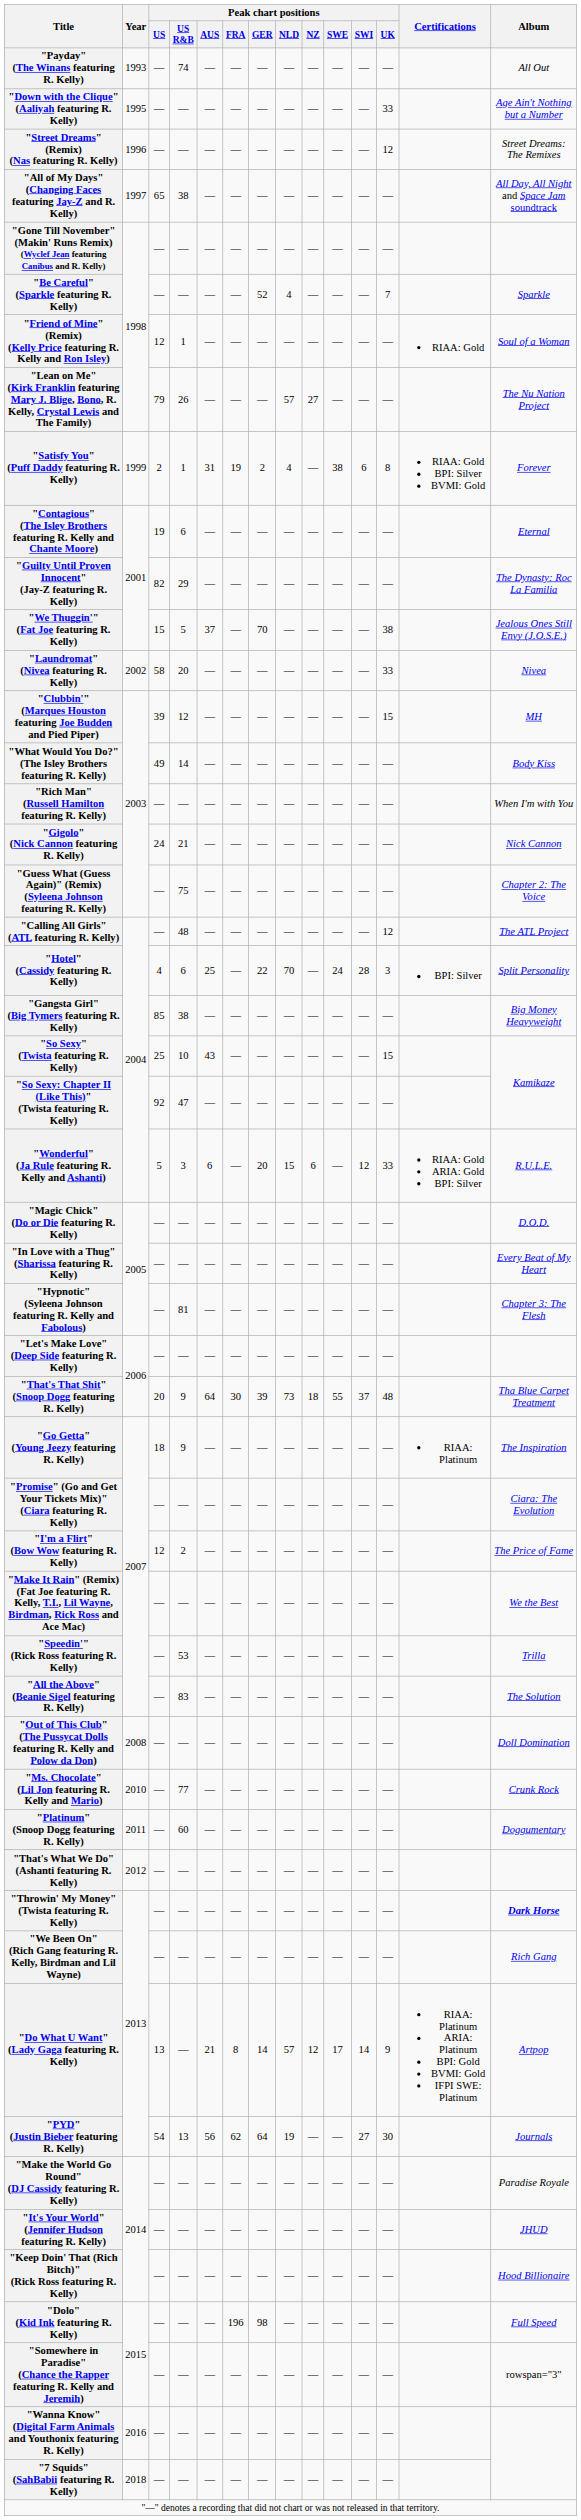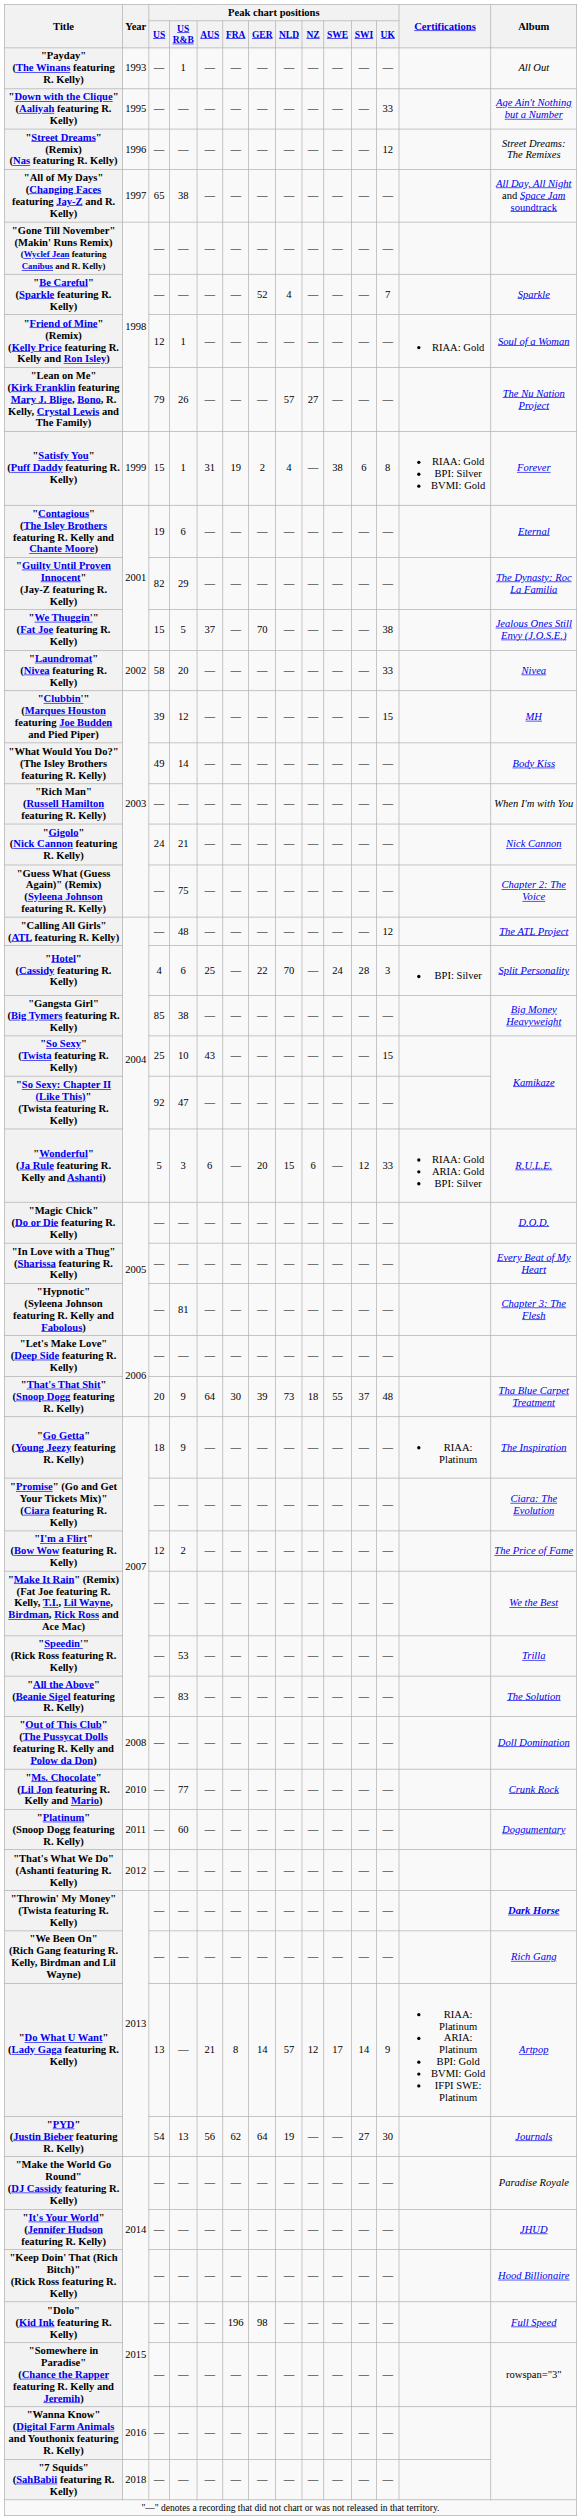 <table class="wikitable plainrowheaders" style="text-align:center;">
 <tr>
 <th scope="col" rowspan="2" style="width:22em;">Title</th>
 <th scope="col" rowspan="2">Year</th>
 <th scope="col" colspan="10">Peak chart positions</th>
 <th scope="col" rowspan="2" style="width:14em;"><a href='#'>Certifications</a></th>
 <th scope="col" rowspan="2" style="width:12em;">Album</th>
 </tr>
 <tr>
 <th scope="col" style="width:2.9em;font-size:90%;"><a href='#'>US</a><br></th>
 <th scope="col" style="width:2.9em;font-size:90%;"><a href='#'>US<br>R&B</a><br></th>
 <th scope="col" style="width:2.9em;font-size:90%;"><a href='#'>AUS</a><br></th>
 <th scope="col" style="width:2.9em;font-size:90%;"><a href='#'>FRA</a><br></th>
 <th scope="col" style="width:2.9em;font-size:90%;"><a href='#'>GER</a><br></th>
 <th scope="col" style="width:2.9em;font-size:90%;"><a href='#'>NLD</a><br></th>
 <th scope="col" style="width:2.9em;font-size:90%;"><a href='#'>NZ</a><br></th>
 <th scope="col" style="width:2.9em;font-size:90%;"><a href='#'>SWE</a><br></th>
 <th scope="col" style="width:2.9em;font-size:90%;"><a href='#'>SWI</a><br></th>
 <th scope="col" style="width:2.9em;font-size:90%;"><a href='#'>UK</a><br></th>
 </tr>
 <tr>
 <th scope="row">"Payday"<br><span>(<a href='#'>The Winans</a> featuring R. Kelly)</span></th>
 <td>1993</td>
 <td>—</td>
-<td>74</td>
+<td>1</td>
 <td>—</td>
 <td>—</td>
 <td>—</td>
 <td>—</td>
 <td>—</td>
 <td>—</td>
 <td>—</td>
 <td>—</td>
 <td></td>
 <td><em>All Out</em></td>
 </tr>
 <tr>
 <th scope="row">"<a href='#'>Down with the Clique</a>"<br><span>(<a href='#'>Aaliyah</a> featuring R. Kelly)</span></th>
 <td>1995</td>
 <td>—</td>
 <td>—</td>
 <td>—</td>
 <td>—</td>
 <td>—</td>
 <td>—</td>
 <td>—</td>
 <td>—</td>
 <td>—</td>
 <td>33</td>
 <td></td>
 <td><em><a href='#'>Age Ain't Nothing but a Number</a></em></td>
 </tr>
 <tr>
 <th scope="row">"<a href='#'>Street Dreams</a>" (Remix)<br><span>(<a href='#'>Nas</a> featuring R. Kelly)</span></th>
 <td>1996</td>
 <td>—</td>
 <td>—</td>
 <td>—</td>
 <td>—</td>
 <td>—</td>
 <td>—</td>
 <td>—</td>
 <td>—</td>
 <td>—</td>
 <td>12</td>
 <td></td>
 <td><em>Street Dreams: The Remixes</em></td>
 </tr>
 <tr>
 <th scope="row">"All of My Days"<br><span>(<a href='#'>Changing Faces</a> featuring <a href='#'>Jay-Z</a> and R. Kelly)</span></th>
 <td>1997</td>
 <td>65</td>
 <td>38</td>
 <td>—</td>
 <td>—</td>
 <td>—</td>
 <td>—</td>
 <td>—</td>
 <td>—</td>
 <td>—</td>
 <td>—</td>
 <td></td>
 <td><em><a href='#'>All Day, All Night</a></em> and <a href='#'><em>Space Jam</em> soundtrack</a></td>
 </tr>
 <tr>
 <th scope="row">"Gone Till November" (Makin' Runs Remix)<br><small>(<a href='#'>Wyclef Jean</a> featuring <a href='#'>Canibus</a> and R. Kelly)</small></th>
 <td rowspan="4">1998</td>
 <td>—</td>
 <td>—</td>
 <td>—</td>
 <td>—</td>
 <td>—</td>
 <td>—</td>
 <td>—</td>
 <td>—</td>
 <td>—</td>
 <td>—</td>
 <td></td>
 <td></td>
 </tr>
 <tr>
 <th scope="row">"<a href='#'>Be Careful</a>"<br><span>(<a href='#'>Sparkle</a> featuring R. Kelly)</span></th>
 <td>—</td>
 <td>—</td>
 <td>—</td>
 <td>—</td>
 <td>52</td>
 <td>4</td>
 <td>—</td>
 <td>—</td>
 <td>—</td>
 <td>7</td>
 <td></td>
 <td><em><a href='#'>Sparkle</a></em></td>
 </tr>
 <tr>
 <th scope="row">"<a href='#'>Friend of Mine</a>" (Remix)<br><span>(<a href='#'>Kelly Price</a> featuring R. Kelly and <a href='#'>Ron Isley</a>)</span></th>
 <td>12</td>
 <td>1</td>
 <td>—</td>
 <td>—</td>
 <td>—</td>
 <td>—</td>
 <td>—</td>
 <td>—</td>
 <td>—</td>
 <td>—</td>
 <td><br><ul><li>RIAA: Gold</li></ul></td>
 <td><em><a href='#'>Soul of a Woman</a></em></td>
 </tr>
 <tr>
 <th scope="row">"Lean on Me"<br><span>(<a href='#'>Kirk Franklin</a> featuring <a href='#'>Mary J. Blige</a>, <a href='#'>Bono</a>, R. Kelly, <a href='#'>Crystal Lewis</a> and The Family)</span></th>
 <td>79</td>
 <td>26</td>
 <td>—</td>
 <td>—</td>
 <td>—</td>
 <td>57</td>
 <td>27</td>
 <td>—</td>
 <td>—</td>
 <td>—</td>
 <td></td>
 <td><em><a href='#'>The Nu Nation Project</a></em></td>
 </tr>
 <tr>
 <th scope="row">"<a href='#'>Satisfy You</a>"<br><span>(<a href='#'>Puff Daddy</a> featuring R. Kelly)</span></th>
 <td>1999</td>
-<td>2</td>
+<td>15</td>
 <td>1</td>
 <td>31</td>
 <td>19</td>
 <td>2</td>
 <td>4</td>
 <td>—</td>
 <td>38</td>
 <td>6</td>
 <td>8</td>
 <td><br><ul><li>RIAA: Gold</li><li>BPI: Silver</li><li>BVMI: Gold</li></ul></td>
 <td><em><a href='#'>Forever</a></em></td>
 </tr>
 <tr>
 <th scope="row">"<a href='#'>Contagious</a>"<br><span>(<a href='#'>The Isley Brothers</a> featuring R. Kelly and <a href='#'>Chante Moore</a>)</span></th>
 <td rowspan="3">2001</td>
 <td>19</td>
 <td>6</td>
 <td>—</td>
 <td>—</td>
 <td>—</td>
 <td>—</td>
 <td>—</td>
 <td>—</td>
 <td>—</td>
 <td>—</td>
 <td></td>
 <td><em><a href='#'>Eternal</a></em></td>
 </tr>
 <tr>
 <th scope="row">"<a href='#'>Guilty Until Proven Innocent</a>"<br><span>(Jay-Z featuring R. Kelly)</span></th>
 <td>82</td>
 <td>29</td>
 <td>—</td>
 <td>—</td>
 <td>—</td>
 <td>—</td>
 <td>—</td>
 <td>—</td>
 <td>—</td>
 <td>—</td>
 <td></td>
 <td><em><a href='#'>The Dynasty: Roc La Familia</a></em></td>
 </tr>
 <tr>
 <th scope="row">"<a href='#'>We Thuggin'</a>"<br><span>(<a href='#'>Fat Joe</a> featuring R. Kelly)</span></th>
 <td>15</td>
 <td>5</td>
 <td>37</td>
 <td>—</td>
 <td>70</td>
 <td>—</td>
 <td>—</td>
 <td>—</td>
 <td>—</td>
 <td>38</td>
 <td></td>
 <td><em><a href='#'>Jealous Ones Still Envy (J.O.S.E.)</a></em></td>
 </tr>
 <tr>
 <th scope="row">"<a href='#'>Laundromat</a>"<br><span>(<a href='#'>Nivea</a> featuring R. Kelly)</span></th>
 <td>2002</td>
 <td>58</td>
 <td>20</td>
 <td>—</td>
 <td>—</td>
 <td>—</td>
 <td>—</td>
 <td>—</td>
 <td>—</td>
 <td>—</td>
 <td>33</td>
 <td></td>
 <td><em><a href='#'>Nivea</a></em></td>
 </tr>
 <tr>
 <th scope="row">"<a href='#'>Clubbin'</a>"<br><span>(<a href='#'>Marques Houston</a> featuring <a href='#'>Joe Budden</a> and Pied Piper)</span></th>
 <td rowspan="5">2003</td>
 <td>39</td>
 <td>12</td>
 <td>—</td>
 <td>—</td>
 <td>—</td>
 <td>—</td>
 <td>—</td>
 <td>—</td>
 <td>—</td>
 <td>15</td>
 <td></td>
 <td><em><a href='#'>MH</a></em></td>
 </tr>
 <tr>
 <th scope="row">"What Would You Do?"<br><span>(The Isley Brothers featuring R. Kelly)</span></th>
 <td>49</td>
 <td>14</td>
 <td>—</td>
 <td>—</td>
 <td>—</td>
 <td>—</td>
 <td>—</td>
 <td>—</td>
 <td>—</td>
 <td>—</td>
 <td></td>
 <td><em><a href='#'>Body Kiss</a></em></td>
 </tr>
 <tr>
 <th scope="row">"Rich Man"<br><span>(<a href='#'>Russell Hamilton</a> featuring R. Kelly)</span></th>
 <td>—</td>
 <td>—</td>
 <td>—</td>
 <td>—</td>
 <td>—</td>
 <td>—</td>
 <td>—</td>
 <td>—</td>
 <td>—</td>
 <td>—</td>
 <td></td>
 <td><em>When I'm with You</em></td>
 </tr>
 <tr>
 <th scope="row">"<a href='#'>Gigolo</a>"<br><span>(<a href='#'>Nick Cannon</a> featuring R. Kelly)</span></th>
 <td>24</td>
 <td>21</td>
 <td>—</td>
 <td>—</td>
 <td>—</td>
 <td>—</td>
 <td>—</td>
 <td>—</td>
 <td>—</td>
 <td>—</td>
 <td></td>
 <td><em><a href='#'>Nick Cannon</a></em></td>
 </tr>
 <tr>
 <th scope="row">"Guess What (Guess Again)" (Remix)<br><span>(<a href='#'>Syleena Johnson</a> featuring R. Kelly)</span></th>
 <td>—</td>
 <td>75</td>
 <td>—</td>
 <td>—</td>
 <td>—</td>
 <td>—</td>
 <td>—</td>
 <td>—</td>
 <td>—</td>
 <td>—</td>
 <td></td>
 <td><em><a href='#'>Chapter 2: The Voice</a></em></td>
 </tr>
 <tr>
 <th scope="row">"Calling All Girls"<br><span>(<a href='#'>ATL</a> featuring R. Kelly)</span></th>
 <td rowspan="6">2004</td>
 <td>—</td>
 <td>48</td>
 <td>—</td>
 <td>—</td>
 <td>—</td>
 <td>—</td>
 <td>—</td>
 <td>—</td>
 <td>—</td>
 <td>12</td>
 <td></td>
 <td><em><a href='#'>The ATL Project</a></em></td>
 </tr>
 <tr>
 <th scope="row">"<a href='#'>Hotel</a>"<br><span>(<a href='#'>Cassidy</a> featuring R. Kelly)</span></th>
 <td>4</td>
 <td>6</td>
 <td>25</td>
 <td>—</td>
 <td>22</td>
 <td>70</td>
 <td>—</td>
 <td>24</td>
 <td>28</td>
 <td>3</td>
 <td><br><ul><li>BPI: Silver</li></ul></td>
 <td><em><a href='#'>Split Personality</a></em></td>
 </tr>
 <tr>
 <th scope="row">"Gangsta Girl"<br><span>(<a href='#'>Big Tymers</a> featuring R. Kelly)</span></th>
 <td>85</td>
 <td>38</td>
 <td>—</td>
 <td>—</td>
 <td>—</td>
 <td>—</td>
 <td>—</td>
 <td>—</td>
 <td>—</td>
 <td>—</td>
 <td></td>
 <td><em><a href='#'>Big Money Heavyweight</a></em></td>
 </tr>
 <tr>
 <th scope="row">"<a href='#'>So Sexy</a>"<br><span>(<a href='#'>Twista</a> featuring R. Kelly)</span></th>
 <td>25</td>
 <td>10</td>
 <td>43</td>
 <td>—</td>
 <td>—</td>
 <td>—</td>
 <td>—</td>
 <td>—</td>
 <td>—</td>
 <td>15</td>
 <td></td>
 <td rowspan="2"><em><a href='#'>Kamikaze</a></em></td>
 </tr>
 <tr>
 <th scope="row">"<a href='#'>So Sexy: Chapter II (Like This)</a>"<br><span>(Twista featuring R. Kelly)</span></th>
 <td>92</td>
 <td>47</td>
 <td>—</td>
 <td>—</td>
 <td>—</td>
 <td>—</td>
 <td>—</td>
 <td>—</td>
 <td>—</td>
 <td>—</td>
 <td></td>
 </tr>
 <tr>
 <th scope="row">"<a href='#'>Wonderful</a>"<br><span>(<a href='#'>Ja Rule</a> featuring R. Kelly and <a href='#'>Ashanti</a>)</span></th>
 <td>5</td>
 <td>3</td>
 <td>6</td>
 <td>—</td>
 <td>20</td>
 <td>15</td>
 <td>6</td>
 <td>—</td>
 <td>12</td>
 <td>33</td>
 <td><br><ul><li>RIAA: Gold</li><li>ARIA: Gold</li><li>BPI: Silver</li></ul></td>
 <td><em><a href='#'>R.U.L.E.</a></em></td>
 </tr>
 <tr>
 <th scope="row">"Magic Chick"<br><span>(<a href='#'>Do or Die</a> featuring R. Kelly)</span></th>
 <td rowspan="3">2005</td>
 <td>—</td>
 <td>—</td>
 <td>—</td>
 <td>—</td>
 <td>—</td>
 <td>—</td>
 <td>—</td>
 <td>—</td>
 <td>—</td>
 <td>—</td>
 <td></td>
 <td><em><a href='#'>D.O.D.</a></em></td>
 </tr>
 <tr>
 <th scope="row">"In Love with a Thug"<br><span>(<a href='#'>Sharissa</a> featuring R. Kelly)</span></th>
 <td>—</td>
 <td>—</td>
 <td>—</td>
 <td>—</td>
 <td>—</td>
 <td>—</td>
 <td>—</td>
 <td>—</td>
 <td>—</td>
 <td>—</td>
 <td></td>
 <td><em><a href='#'>Every Beat of My Heart</a></em></td>
 </tr>
 <tr>
 <th scope="row">"Hypnotic"<br><span>(Syleena Johnson featuring R. Kelly and <a href='#'>Fabolous</a>)</span></th>
 <td>—</td>
 <td>81</td>
 <td>—</td>
 <td>—</td>
 <td>—</td>
 <td>—</td>
 <td>—</td>
 <td>—</td>
 <td>—</td>
 <td>—</td>
 <td></td>
 <td><em><a href='#'>Chapter 3: The Flesh</a></em></td>
 </tr>
 <tr>
 <th scope="row">"Let's Make Love"<br><span>(<a href='#'>Deep Side</a> featuring R. Kelly)</span></th>
 <td rowspan="2">2006</td>
 <td>—</td>
 <td>—</td>
 <td>—</td>
 <td>—</td>
 <td>—</td>
 <td>—</td>
 <td>—</td>
 <td>—</td>
 <td>—</td>
 <td>—</td>
 <td></td>
 <td></td>
 </tr>
 <tr>
 <th scope="row">"<a href='#'>That's That Shit</a>"<br><span>(<a href='#'>Snoop Dogg</a> featuring R. Kelly)</span></th>
 <td>20</td>
 <td>9</td>
 <td>64</td>
 <td>30</td>
 <td>39</td>
 <td>73</td>
 <td>18</td>
 <td>55</td>
 <td>37</td>
 <td>48</td>
 <td></td>
 <td><em><a href='#'>Tha Blue Carpet Treatment</a></em></td>
 </tr>
 <tr>
 <th scope="row">"<a href='#'>Go Getta</a>"<br><span>(<a href='#'>Young Jeezy</a> featuring R. Kelly)</span></th>
 <td rowspan="6">2007</td>
 <td>18</td>
 <td>9</td>
 <td>—</td>
 <td>—</td>
 <td>—</td>
 <td>—</td>
 <td>—</td>
 <td>—</td>
 <td>—</td>
 <td>—</td>
 <td><br><ul><li>RIAA: Platinum</li></ul></td>
 <td><em><a href='#'>The Inspiration</a></em></td>
 </tr>
 <tr>
 <th scope="row">"<a href='#'>Promise</a>" (Go and Get Your Tickets Mix)"<br><span>(<a href='#'>Ciara</a> featuring R. Kelly)</span></th>
 <td>—</td>
 <td>—</td>
 <td>—</td>
 <td>—</td>
 <td>—</td>
 <td>—</td>
 <td>—</td>
 <td>—</td>
 <td>—</td>
 <td>—</td>
 <td></td>
 <td><em><a href='#'>Ciara: The Evolution</a></em></td>
 </tr>
 <tr>
 <th scope="row">"<a href='#'>I'm a Flirt</a>"<br><span>(<a href='#'>Bow Wow</a> featuring R. Kelly)</span></th>
 <td>12</td>
 <td>2</td>
 <td>—</td>
 <td>—</td>
 <td>—</td>
 <td>—</td>
 <td>—</td>
 <td>—</td>
 <td>—</td>
 <td>—</td>
 <td></td>
 <td><em><a href='#'>The Price of Fame</a></em></td>
 </tr>
 <tr>
 <th scope="row">"<a href='#'>Make It Rain</a>" (Remix)<br><span>(Fat Joe featuring R. Kelly, <a href='#'>T.I.</a>, <a href='#'>Lil Wayne</a>, <a href='#'>Birdman</a>, <a href='#'>Rick Ross</a> and Ace Mac)</span></th>
 <td>—</td>
 <td>—</td>
 <td>—</td>
 <td>—</td>
 <td>—</td>
 <td>—</td>
 <td>—</td>
 <td>—</td>
 <td>—</td>
 <td>—</td>
 <td></td>
 <td><em><a href='#'>We the Best</a></em></td>
 </tr>
 <tr>
 <th scope="row">"<a href='#'>Speedin'</a>"<br><span>(Rick Ross featuring R. Kelly)</span></th>
 <td>—</td>
 <td>53</td>
 <td>—</td>
 <td>—</td>
 <td>—</td>
 <td>—</td>
 <td>—</td>
 <td>—</td>
 <td>—</td>
 <td>—</td>
 <td></td>
 <td><em><a href='#'>Trilla</a></em></td>
 </tr>
 <tr>
 <th scope="row">"<a href='#'>All the Above</a>"<br><span>(<a href='#'>Beanie Sigel</a> featuring R. Kelly)</span></th>
 <td>—</td>
 <td>83</td>
 <td>—</td>
 <td>—</td>
 <td>—</td>
 <td>—</td>
 <td>—</td>
 <td>—</td>
 <td>—</td>
 <td>—</td>
 <td></td>
 <td><em><a href='#'>The Solution</a></em></td>
 </tr>
 <tr>
 <th scope="row">"<a href='#'>Out of This Club</a>"<br><span>(<a href='#'>The Pussycat Dolls</a> featuring R. Kelly and <a href='#'>Polow da Don</a>)</span></th>
 <td>2008</td>
 <td>—</td>
 <td>—</td>
 <td>—</td>
 <td>—</td>
 <td>—</td>
 <td>—</td>
 <td>—</td>
 <td>—</td>
 <td>—</td>
 <td>—</td>
 <td></td>
 <td><em><a href='#'>Doll Domination</a></em></td>
 </tr>
 <tr>
 <th scope="row">"<a href='#'>Ms. Chocolate</a>"<br><span>(<a href='#'>Lil Jon</a> featuring R. Kelly and <a href='#'>Mario</a>)</span></th>
 <td>2010</td>
 <td>—</td>
 <td>77</td>
 <td>—</td>
 <td>—</td>
 <td>—</td>
 <td>—</td>
 <td>—</td>
 <td>—</td>
 <td>—</td>
 <td>—</td>
 <td></td>
 <td><em><a href='#'>Crunk Rock</a></em></td>
 </tr>
 <tr>
 <th scope="row">"<a href='#'>Platinum</a>"<br><span>(Snoop Dogg featuring R. Kelly)</span></th>
 <td>2011</td>
 <td>—</td>
 <td>60</td>
 <td>—</td>
 <td>—</td>
 <td>—</td>
 <td>—</td>
 <td>—</td>
 <td>—</td>
 <td>—</td>
 <td>—</td>
 <td></td>
 <td><em><a href='#'>Doggumentary</a></em></td>
 </tr>
 <tr>
 <th scope="row">"That's What We Do"<br><span>(Ashanti featuring R. Kelly)</span></th>
 <td>2012</td>
 <td>—</td>
 <td>—</td>
 <td>—</td>
 <td>—</td>
 <td>—</td>
 <td>—</td>
 <td>—</td>
 <td>—</td>
 <td>—</td>
 <td>—</td>
 <td></td>
 <td></td>
 </tr>
 <tr>
 <th scope="row">"Throwin' My Money"<br><span>(Twista featuring R. Kelly)</span></th>
 <td rowspan="4">2013</td>
 <td>—</td>
 <td>—</td>
 <td>—</td>
 <td>—</td>
 <td>—</td>
 <td>—</td>
 <td>—</td>
 <td>—</td>
 <td>—</td>
 <td>—</td>
 <td></td>
 <td><strong><em><a href='#'>Dark Horse</a></em></strong></td>
 </tr>
 <tr>
 <th scope="row">"We Been On"<br><span>(Rich Gang featuring R. Kelly, Birdman and Lil Wayne)</span></th>
 <td>—</td>
 <td>—</td>
 <td>—</td>
 <td>—</td>
 <td>—</td>
 <td>—</td>
 <td>—</td>
 <td>—</td>
 <td>—</td>
 <td>—</td>
 <td></td>
 <td><em><a href='#'>Rich Gang</a></em></td>
 </tr>
 <tr>
 <th scope="row">"<a href='#'>Do What U Want</a>"<br><span>(<a href='#'>Lady Gaga</a> featuring R. Kelly)</span></th>
 <td>13</td>
 <td>—</td>
 <td>21</td>
 <td>8</td>
 <td>14</td>
 <td>57</td>
 <td>12</td>
 <td>17</td>
 <td>14</td>
 <td>9</td>
 <td><br><ul><li>RIAA: Platinum</li><li>ARIA: Platinum</li><li>BPI: Gold</li><li>BVMI: Gold</li><li>IFPI SWE: Platinum</li></ul></td>
 <td><em><a href='#'>Artpop</a></em></td>
 </tr>
 <tr>
 <th scope="row">"<a href='#'>PYD</a>"<br><span>(<a href='#'>Justin Bieber</a> featuring R. Kelly)</span></th>
 <td>54</td>
 <td>13</td>
 <td>56</td>
 <td>62</td>
 <td>64</td>
 <td>19</td>
 <td>—</td>
 <td>—</td>
 <td>27</td>
 <td>30</td>
 <td></td>
 <td><em><a href='#'>Journals</a></em></td>
 </tr>
 <tr>
 <th scope="row">"Make the World Go Round"<br><span>(<a href='#'>DJ Cassidy</a> featuring R. Kelly)</span></th>
 <td rowspan="3">2014</td>
 <td>—</td>
 <td>—</td>
 <td>—</td>
 <td>—</td>
 <td>—</td>
 <td>—</td>
 <td>—</td>
 <td>—</td>
 <td>—</td>
 <td>—</td>
 <td></td>
 <td><em>Paradise Royale</em></td>
 </tr>
 <tr>
 <th scope="row">"<a href='#'>It's Your World</a>"<br><span>(<a href='#'>Jennifer Hudson</a> featuring R. Kelly)</span></th>
 <td>—</td>
 <td>—</td>
 <td>—</td>
 <td>—</td>
 <td>—</td>
 <td>—</td>
 <td>—</td>
 <td>—</td>
 <td>—</td>
 <td>—</td>
 <td></td>
 <td><em><a href='#'>JHUD</a></em></td>
 </tr>
 <tr>
 <th scope="row">"Keep Doin' That (Rich Bitch)"<br><span>(Rick Ross featuring R. Kelly)</span></th>
 <td>—</td>
 <td>—</td>
 <td>—</td>
 <td>—</td>
 <td>—</td>
 <td>—</td>
 <td>—</td>
 <td>—</td>
 <td>—</td>
 <td>—</td>
 <td></td>
 <td><em><a href='#'>Hood Billionaire</a></em></td>
 </tr>
 <tr>
 <th scope="row">"Dolo"<br><span>(<a href='#'>Kid Ink</a> featuring R. Kelly)</span></th>
 <td rowspan="2">2015</td>
 <td>—</td>
 <td>—</td>
 <td>—</td>
 <td>196</td>
 <td>98</td>
 <td>—</td>
 <td>—</td>
 <td>—</td>
 <td>—</td>
 <td>—</td>
 <td></td>
 <td><em><a href='#'>Full Speed</a></em></td>
 </tr>
 <tr>
 <th scope="row">"Somewhere in Paradise"<br><span>(<a href='#'>Chance the Rapper</a> featuring R. Kelly and <a href='#'>Jeremih</a>)</span></th>
 <td>—</td>
 <td>—</td>
 <td>—</td>
 <td>—</td>
 <td>—</td>
 <td>—</td>
 <td>—</td>
 <td>—</td>
 <td>—</td>
 <td>—</td>
 <td></td>
 <td>rowspan="3" </td>
 </tr>
 <tr>
 <th scope="row">"Wanna Know"<br><span>(<a href='#'>Digital Farm Animals</a> and Youthonix featuring R. Kelly)</span></th>
 <td rowspan="1">2016</td>
 <td>—</td>
 <td>—</td>
 <td>—</td>
 <td>—</td>
 <td>—</td>
 <td>—</td>
 <td>—</td>
 <td>—</td>
 <td>—</td>
 <td>—</td>
 <td></td>
 </tr>
 <tr>
 <th scope="row">"7 Squids"<br><span>(<a href='#'>SahBabii</a> featuring R. Kelly)</span></th>
 <td>2018</td>
 <td>—</td>
 <td>—</td>
 <td>—</td>
 <td>—</td>
 <td>—</td>
 <td>—</td>
 <td>—</td>
 <td>—</td>
 <td>—</td>
 <td>—</td>
 <td></td>
 </tr>
 <tr>
 <td colspan="14" style="font-size:90%">"—" denotes a recording that did not chart or was not released in that territory.</td>
 </tr>
 </table>
